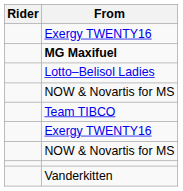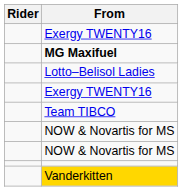 <table class="wikitable sortable">
 <tr>
 <th>Rider</th>
 <th>From</th>
 </tr>
 <tr>
 <td></td>
 <td><a href='#'>Exergy TWENTY16</a></td>
 </tr>
 <tr>
 <td></td>
 <td><strong>MG Maxifuel</strong></td>
 </tr>
 <tr>
 <td></td>
 <td><a href='#'>Lotto–Belisol Ladies</a></td>
 </tr>
 <tr>
 <td></td>
-<td>NOW & Novartis for MS</td>
+<td><a href='#'>Exergy TWENTY16</a></td>
 </tr>
 <tr>
 <td></td>
 <td><a href='#'>Team TIBCO</a></td>
 </tr>
 <tr>
 <td></td>
-<td><a href='#'>Exergy TWENTY16</a></td>
+<td>NOW & Novartis for MS</td>
 </tr>
 <tr>
 <td></td>
 <td>NOW & Novartis for MS</td>
 </tr>
 <tr>
 <td></td>
 <td></td>
 </tr>
 <tr>
 <td></td>
-<td>Vanderkitten</td>
+<td style="background: gold;">Vanderkitten</td>
 </tr>
 </table>
